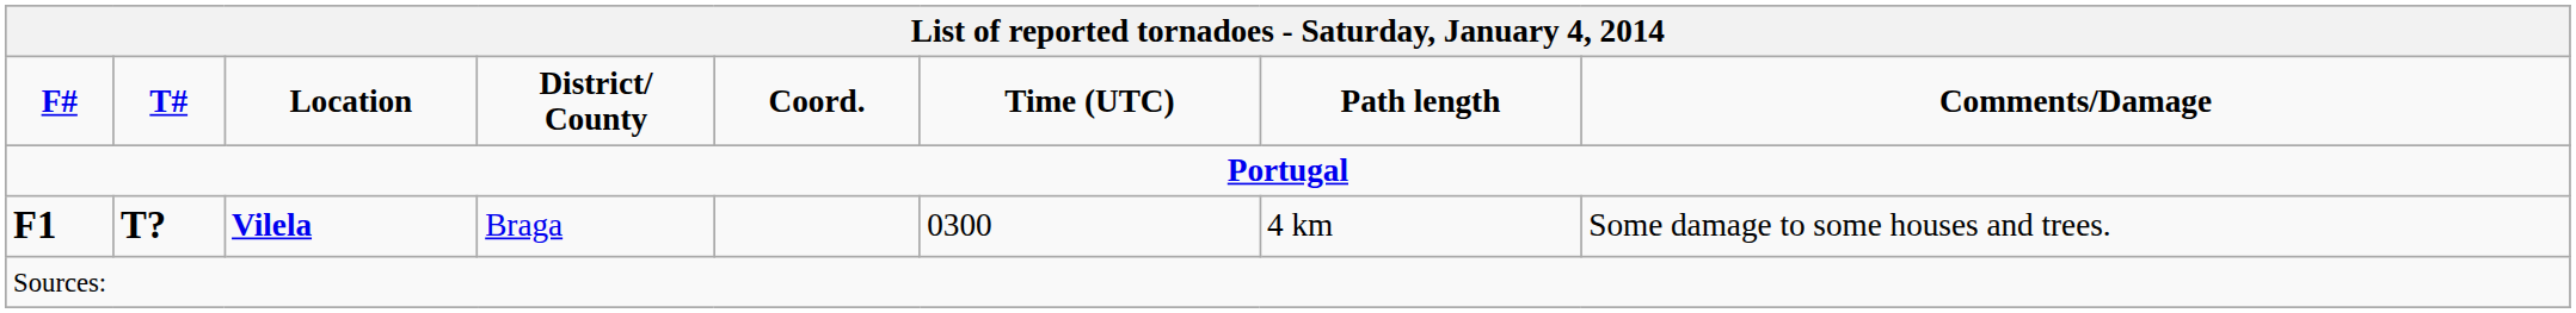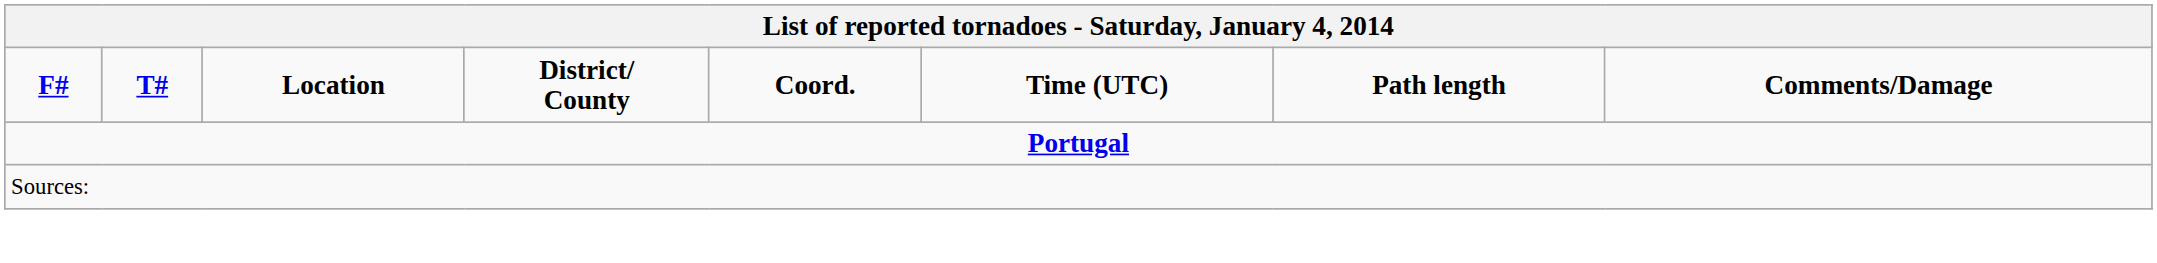 <table class="wikitable collapsible" width="100%">
 <tr>
 <th colspan="8">List of reported tornadoes - Saturday, January 4, 2014</th>
 </tr>
 <tr>
 <td style="text-align: center;"><strong><a href='#'>F#</a></strong></td>
 <td style="text-align: center;"><strong><a href='#'>T#</a></strong></td>
 <td style="text-align: center;"><strong>Location</strong></td>
 <td style="text-align: center;"><strong>District/<br>County</strong></td>
 <td style="text-align: center;"><strong>Coord.</strong></td>
 <td style="text-align: center;"><strong>Time (UTC)</strong></td>
 <td style="text-align: center;"><strong>Path length</strong></td>
 <td style="text-align: center;"><strong>Comments/Damage</strong></td>
 </tr>
 <tr>
 <td colspan="8" align=center><strong><a href='#'>Portugal</a></strong></td>
 </tr>
 <tr>
-<td><big><strong>F1</strong></big></td>
-<td><big><strong>T?</strong></big></td>
-<td><strong><a href='#'>Vilela</a></strong></td>
-<td><a href='#'>Braga</a></td>
-<td></td>
-<td>0300</td>
-<td>4 km</td>
-<td>Some damage to some houses and trees.</td>
-</tr>
-<tr>
 <td colspan="8"><small>Sources:</small></td>
 </tr>
 </table>
